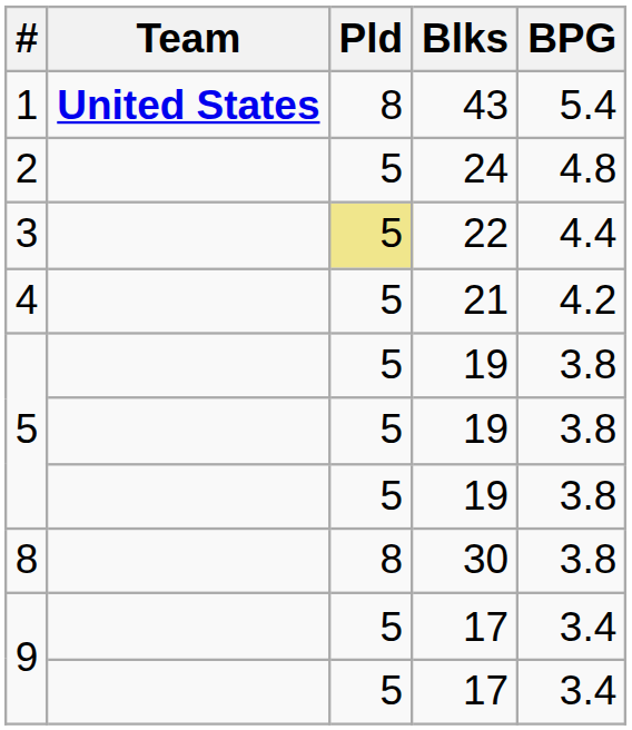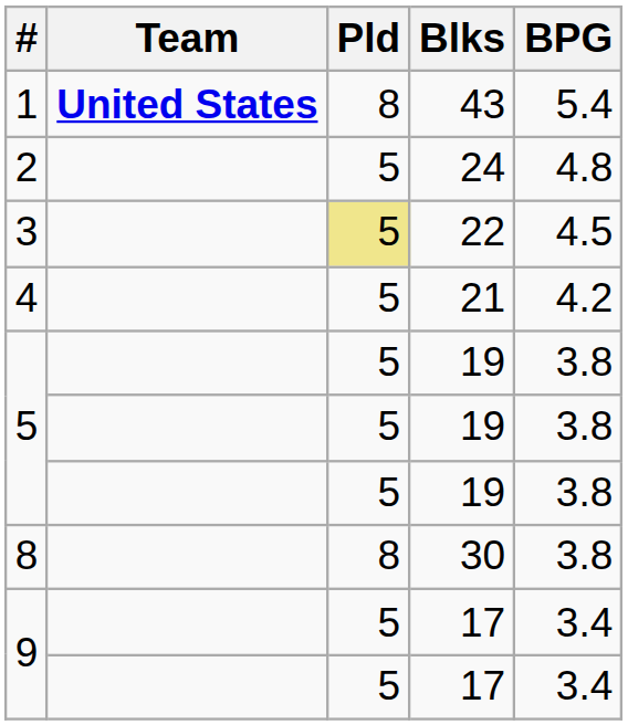 <table class=wikitable style="text-align:right; display:inline-table;">
 <tr>
 <th>#</th>
 <th>Team</th>
 <th>Pld</th>
 <th>Blks</th>
 <th>BPG</th>
 </tr>
 <tr>
 <td>1</td>
 <td align=left><strong> <a href='#'>United States</a></strong></td>
 <td>8</td>
 <td>43</td>
 <td>5.4</td>
 </tr>
 <tr>
 <td>2</td>
 <td align=left></td>
 <td>5</td>
 <td>24</td>
 <td>4.8</td>
 </tr>
 <tr>
 <td>3</td>
 <td align=left></td>
 <td style="background: khaki;">5</td>
 <td>22</td>
-<td>4.4</td>
+<td>4.5</td>
 </tr>
 <tr>
 <td>4</td>
 <td align=left></td>
 <td>5</td>
 <td>21</td>
 <td>4.2</td>
 </tr>
 <tr>
 <td rowspan=3>5</td>
 <td align=left></td>
 <td>5</td>
 <td>19</td>
 <td>3.8</td>
 </tr>
 <tr>
 <td align=left></td>
 <td>5</td>
 <td>19</td>
 <td>3.8</td>
 </tr>
 <tr>
 <td align=left></td>
 <td>5</td>
 <td>19</td>
 <td>3.8</td>
 </tr>
 <tr>
 <td>8</td>
 <td align=left></td>
 <td>8</td>
 <td>30</td>
 <td>3.8</td>
 </tr>
 <tr>
 <td rowspan=2>9</td>
 <td align=left></td>
 <td>5</td>
 <td>17</td>
 <td>3.4</td>
 </tr>
 <tr>
 <td align=left></td>
 <td>5</td>
 <td>17</td>
 <td>3.4</td>
 </tr>
 </table>
